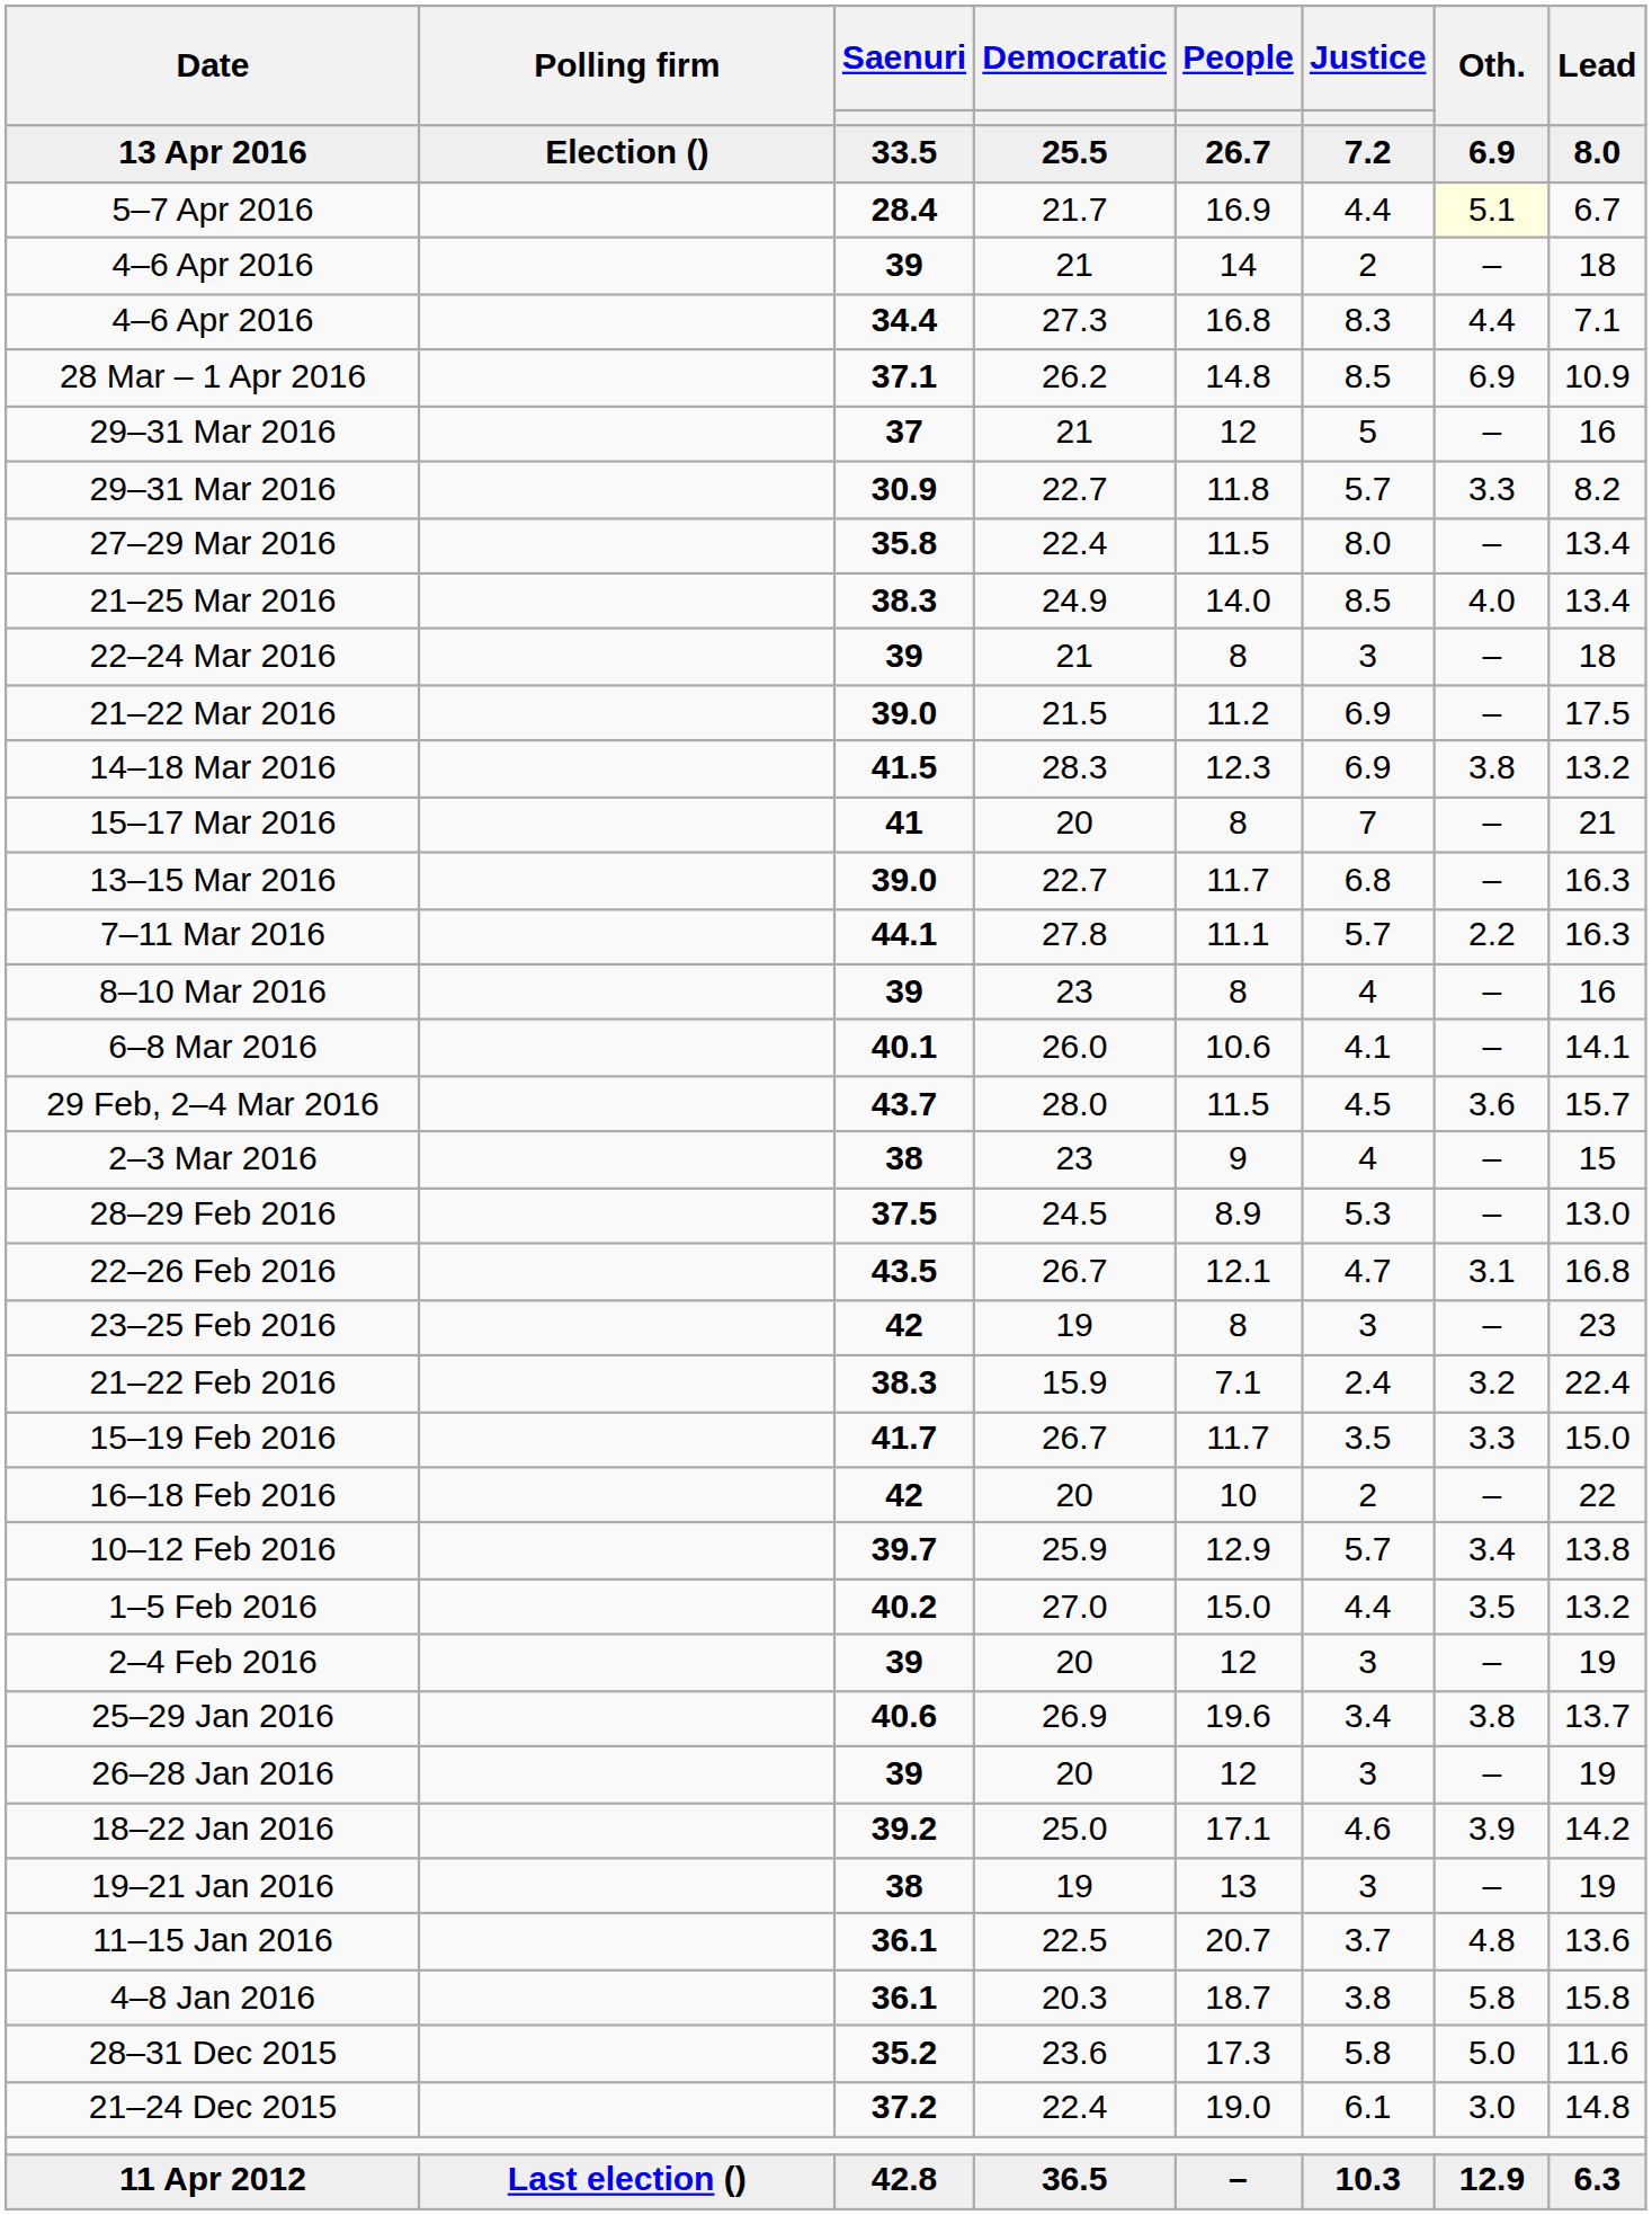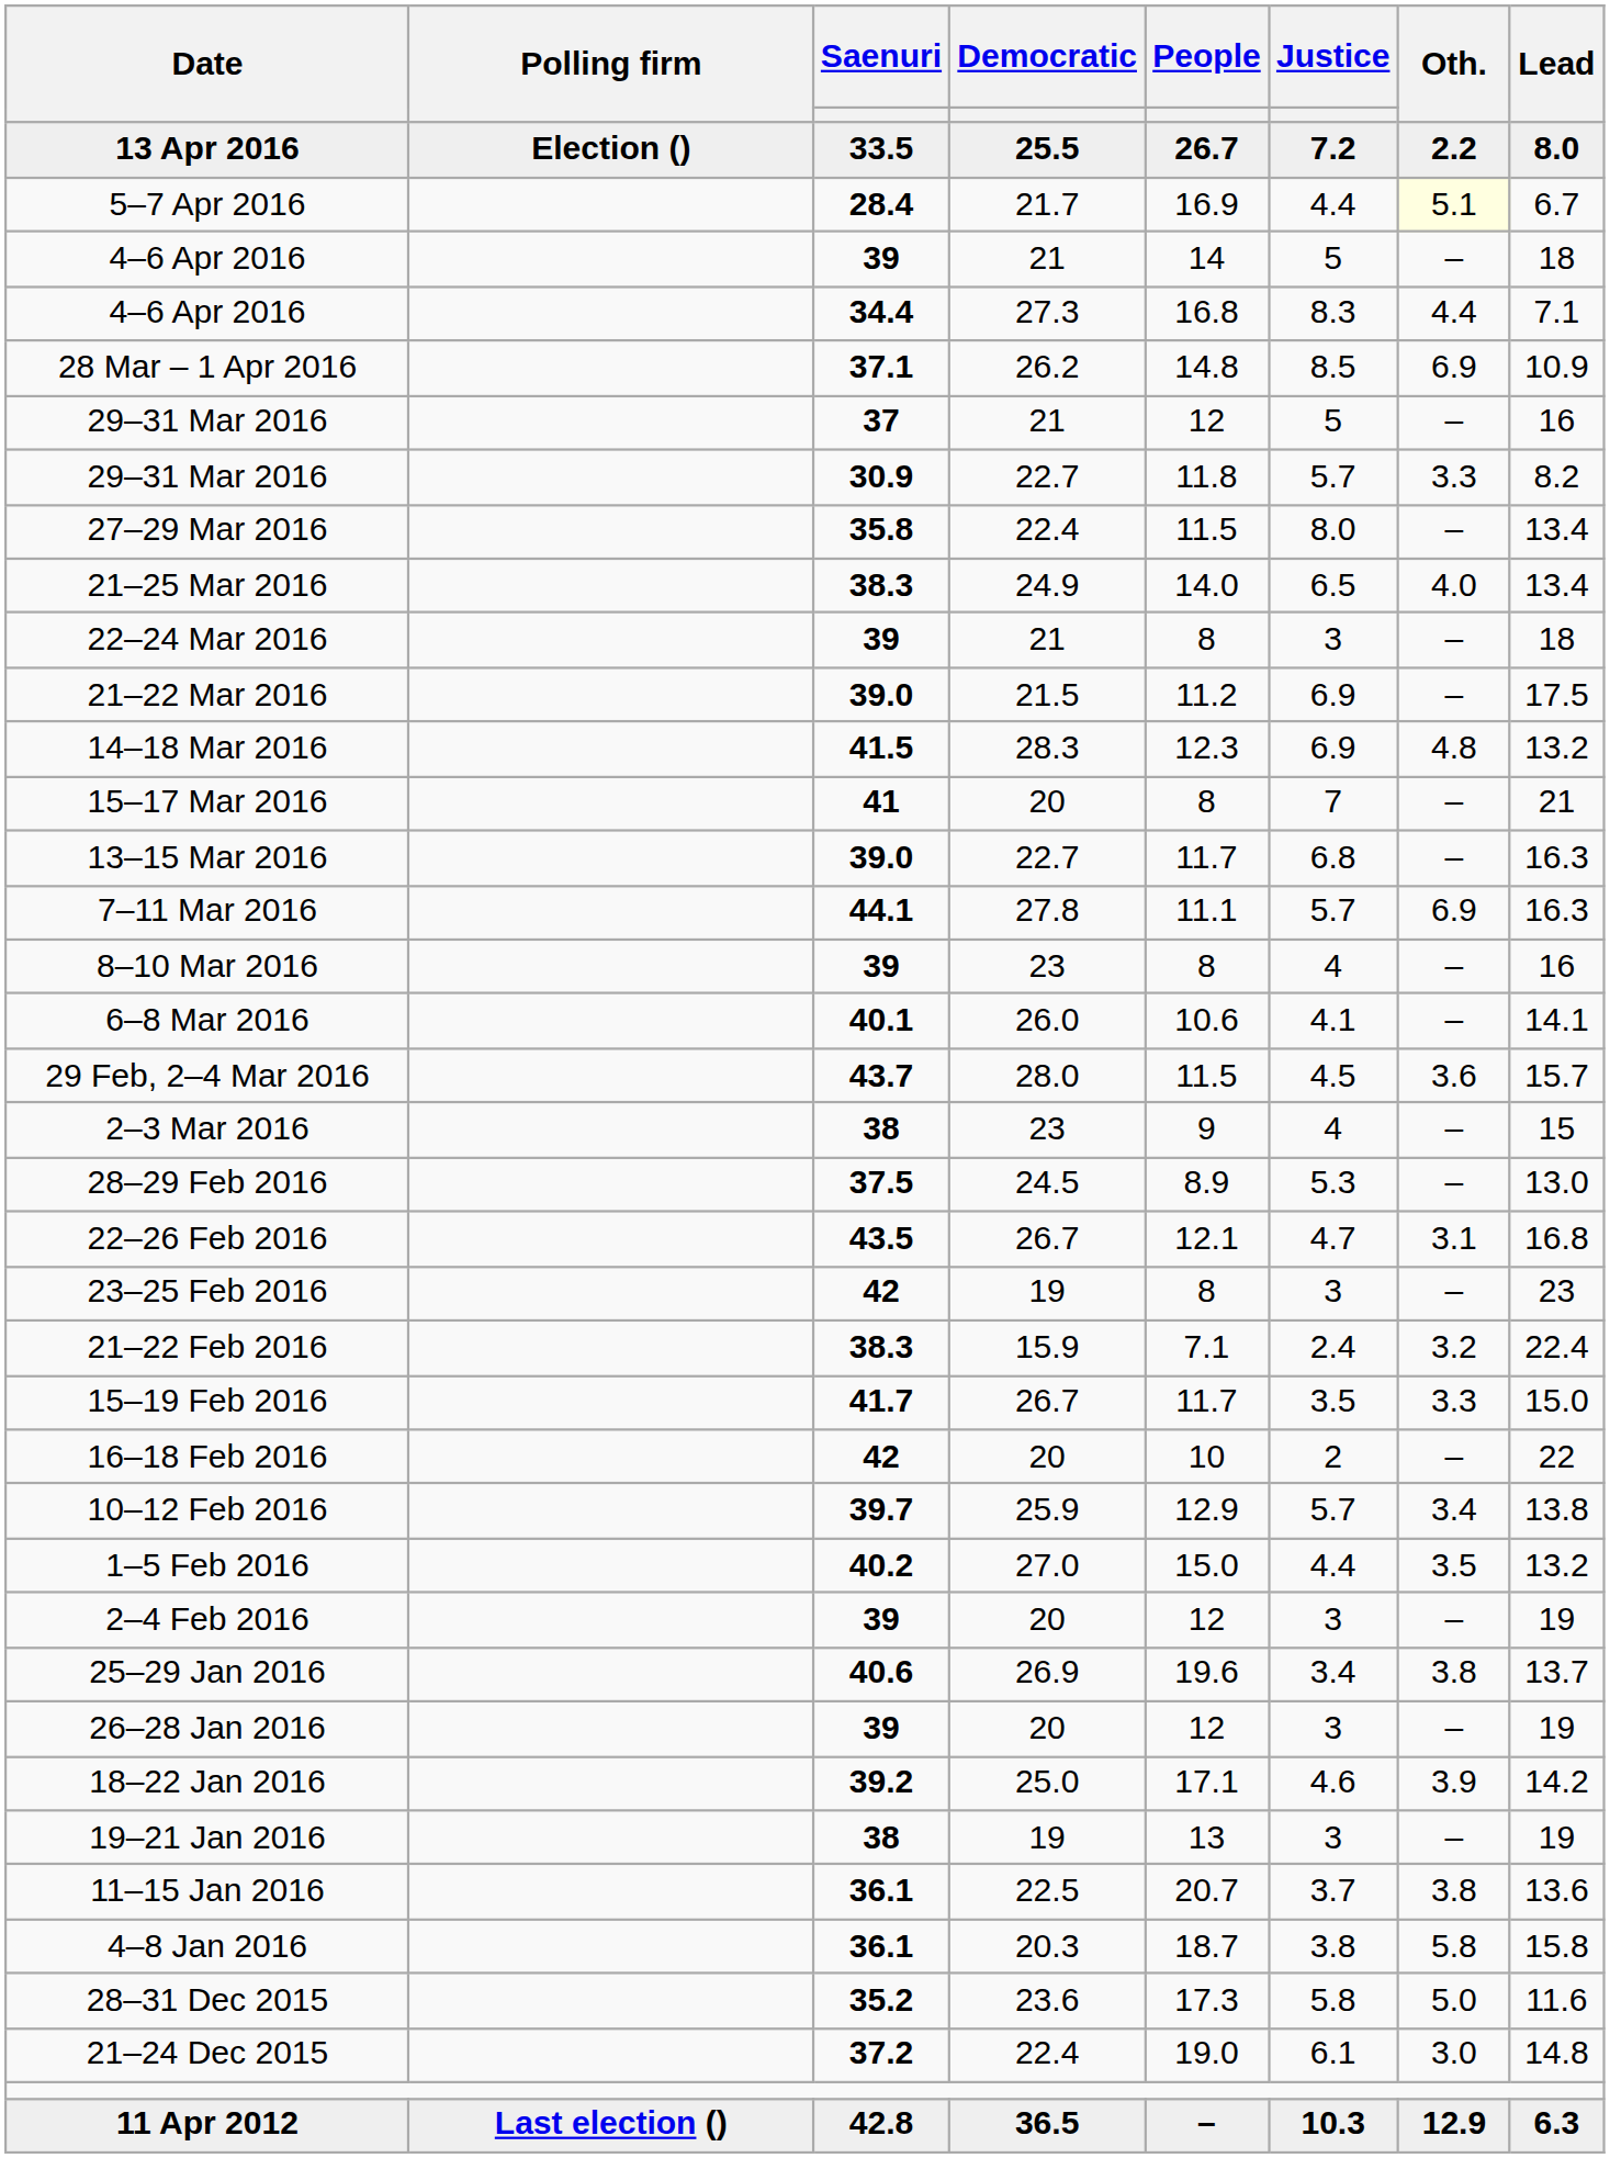 <table class="wikitable sortable" style="text-align:center; font-size:85%; line-height:16px; margin:0;">
 <tr style="height:42px; background-color:#E9E9E9; border 1px solid #aaaaaa;">
 <th style="width:160px;" rowspan="2">Date</th>
 <th style="width:160px;" rowspan="2">Polling firm</th>
 <th style="width:40px;" class="unsortable"><a href='#'>Saenuri</a></th>
 <th style="width:40px;" class="unsortable"><a href='#'>Democratic</a></th>
 <th style="width:40px;" class="unsortable"><a href='#'>People</a></th>
 <th style="width:40px;" class="unsortable"><a href='#'>Justice</a></th>
 <th style="width:40px;" rowspan="2" class="unsortable">Oth.</th>
 <th style="width:20px;" rowspan="2" class="unsortable">Lead</th>
 </tr>
 <tr>
 <th style="background:"></th>
 <th style="background:"></th>
 <th style="background:"></th>
 <th style="background:"></th>
 </tr>
 <tr class="unsortable" style="background:#EFEFEF; font-weight:bold;">
 <td data-sort-value="2016-04-13">13 Apr 2016</td>
 <td>Election ()</td>
 <td>33.5</td>
 <td>25.5</td>
 <td>26.7</td>
 <td>7.2</td>
-<td>6.9</td>
+<td>2.2</td>
 <td style="background:">8.0</td>
 </tr>
 <tr>
 <td data-sort-value="2016-04-07">5–7 Apr 2016</td>
 <td></td>
 <td><strong>28.4</strong></td>
 <td>21.7</td>
 <td>16.9</td>
 <td>4.4</td>
 <td style="background: lightyellow;">5.1</td>
 <td style="background:">6.7</td>
 </tr>
 <tr>
 <td data-sort-value="2016-04-06">4–6 Apr 2016</td>
 <td></td>
 <td><strong>39</strong></td>
 <td>21</td>
 <td>14</td>
-<td>2</td>
+<td>5</td>
 <td>–</td>
 <td style="background:">18</td>
 </tr>
 <tr>
 <td data-sort-value="2016-04-06">4–6 Apr 2016</td>
 <td></td>
 <td><strong>34.4</strong></td>
 <td>27.3</td>
 <td>16.8</td>
 <td>8.3</td>
 <td>4.4</td>
 <td style="background:">7.1</td>
 </tr>
 <tr>
 <td data-sort-value="2016-04-01">28 Mar – 1 Apr 2016</td>
 <td></td>
 <td><strong>37.1</strong></td>
 <td>26.2</td>
 <td>14.8</td>
 <td>8.5</td>
 <td>6.9</td>
 <td style="background:">10.9</td>
 </tr>
 <tr>
 <td data-sort-value="2016-03-31">29–31 Mar 2016</td>
 <td></td>
 <td><strong>37</strong></td>
 <td>21</td>
 <td>12</td>
 <td>5</td>
 <td>–</td>
 <td style="background:">16</td>
 </tr>
 <tr>
 <td data-sort-value="2016-03-31">29–31 Mar 2016</td>
 <td></td>
 <td><strong>30.9</strong></td>
 <td>22.7</td>
 <td>11.8</td>
 <td>5.7</td>
 <td>3.3</td>
 <td style="background:">8.2</td>
 </tr>
 <tr>
 <td data-sort-value="2016-03-29">27–29 Mar 2016</td>
 <td></td>
 <td><strong>35.8</strong></td>
 <td>22.4</td>
 <td>11.5</td>
 <td>8.0</td>
 <td>–</td>
 <td style="background:">13.4</td>
 </tr>
 <tr>
 <td data-sort-value="2016-03-25">21–25 Mar 2016</td>
 <td></td>
 <td><strong>38.3</strong></td>
 <td>24.9</td>
 <td>14.0</td>
-<td>8.5</td>
+<td>6.5</td>
 <td>4.0</td>
 <td style="background:">13.4</td>
 </tr>
 <tr>
 <td data-sort-value="2016-03-24">22–24 Mar 2016</td>
 <td></td>
 <td><strong>39</strong></td>
 <td>21</td>
 <td>8</td>
 <td>3</td>
 <td>–</td>
 <td style="background:">18</td>
 </tr>
 <tr>
 <td data-sort-value="2016-03-22">21–22 Mar 2016</td>
 <td></td>
 <td><strong>39.0</strong></td>
 <td>21.5</td>
 <td>11.2</td>
 <td>6.9</td>
 <td>–</td>
 <td style="background:">17.5</td>
 </tr>
 <tr>
 <td data-sort-value="2016-03-18">14–18 Mar 2016</td>
 <td></td>
 <td><strong>41.5</strong></td>
 <td>28.3</td>
 <td>12.3</td>
 <td>6.9</td>
-<td>3.8</td>
+<td>4.8</td>
 <td style="background:">13.2</td>
 </tr>
 <tr>
 <td data-sort-value="2016-03-17">15–17 Mar 2016</td>
 <td></td>
 <td><strong>41</strong></td>
 <td>20</td>
 <td>8</td>
 <td>7</td>
 <td>–</td>
 <td style="background:">21</td>
 </tr>
 <tr>
 <td data-sort-value="2016-03-15">13–15 Mar 2016</td>
 <td></td>
 <td><strong>39.0</strong></td>
 <td>22.7</td>
 <td>11.7</td>
 <td>6.8</td>
 <td>–</td>
 <td style="background:">16.3</td>
 </tr>
 <tr>
 <td data-sort-value="2016-03-11">7–11 Mar 2016</td>
 <td></td>
 <td><strong>44.1</strong></td>
 <td>27.8</td>
 <td>11.1</td>
 <td>5.7</td>
-<td>2.2</td>
+<td>6.9</td>
 <td style="background:">16.3</td>
 </tr>
 <tr>
 <td data-sort-value="2016-03-10">8–10 Mar 2016</td>
 <td></td>
 <td><strong>39</strong></td>
 <td>23</td>
 <td>8</td>
 <td>4</td>
 <td>–</td>
 <td style="background:">16</td>
 </tr>
 <tr>
 <td data-sort-value="2016-03-08">6–8 Mar 2016</td>
 <td></td>
 <td><strong>40.1</strong></td>
 <td>26.0</td>
 <td>10.6</td>
 <td>4.1</td>
 <td>–</td>
 <td style="background:">14.1</td>
 </tr>
 <tr>
 <td data-sort-value="2016-03-04">29 Feb, 2–4 Mar 2016</td>
 <td></td>
 <td><strong>43.7</strong></td>
 <td>28.0</td>
 <td>11.5</td>
 <td>4.5</td>
 <td>3.6</td>
 <td style="background:">15.7</td>
 </tr>
 <tr>
 <td data-sort-value="2016-03-03">2–3 Mar 2016</td>
 <td></td>
 <td><strong>38</strong></td>
 <td>23</td>
 <td>9</td>
 <td>4</td>
 <td>–</td>
 <td style="background:">15</td>
 </tr>
 <tr>
 <td data-sort-value="2016-02-29">28–29 Feb 2016</td>
 <td></td>
 <td><strong>37.5</strong></td>
 <td>24.5</td>
 <td>8.9</td>
 <td>5.3</td>
 <td>–</td>
 <td style="background:">13.0</td>
 </tr>
 <tr>
 <td data-sort-value="2016-02-26">22–26 Feb 2016</td>
 <td></td>
 <td><strong>43.5</strong></td>
 <td>26.7</td>
 <td>12.1</td>
 <td>4.7</td>
 <td>3.1</td>
 <td style="background:">16.8</td>
 </tr>
 <tr>
 <td data-sort-value="2016-02-25">23–25 Feb 2016</td>
 <td></td>
 <td><strong>42</strong></td>
 <td>19</td>
 <td>8</td>
 <td>3</td>
 <td>–</td>
 <td style="background:">23</td>
 </tr>
 <tr>
 <td data-sort-value="2016-02-22">21–22 Feb 2016</td>
 <td></td>
 <td><strong>38.3</strong></td>
 <td>15.9</td>
 <td>7.1</td>
 <td>2.4</td>
 <td>3.2</td>
 <td style="background:">22.4</td>
 </tr>
 <tr>
 <td data-sort-value="2016-02-19">15–19 Feb 2016</td>
 <td></td>
 <td><strong>41.7</strong></td>
 <td>26.7</td>
 <td>11.7</td>
 <td>3.5</td>
 <td>3.3</td>
 <td style="background:">15.0</td>
 </tr>
 <tr>
 <td data-sort-value="2016-02-18">16–18 Feb 2016</td>
 <td></td>
 <td><strong>42</strong></td>
 <td>20</td>
 <td>10</td>
 <td>2</td>
 <td>–</td>
 <td style="background:">22</td>
 </tr>
 <tr>
 <td data-sort-value="2016-02-12">10–12 Feb 2016</td>
 <td></td>
 <td><strong>39.7</strong></td>
 <td>25.9</td>
 <td>12.9</td>
 <td>5.7</td>
 <td>3.4</td>
 <td style="background:">13.8</td>
 </tr>
 <tr>
 <td data-sort-value="2016-02-05">1–5 Feb 2016</td>
 <td></td>
 <td><strong>40.2</strong></td>
 <td>27.0</td>
 <td>15.0</td>
 <td>4.4</td>
 <td>3.5</td>
 <td style="background:">13.2</td>
 </tr>
 <tr>
 <td data-sort-value="2016-02-04">2–4 Feb 2016</td>
 <td></td>
 <td><strong>39</strong></td>
 <td>20</td>
 <td>12</td>
 <td>3</td>
 <td>–</td>
 <td style="background:">19</td>
 </tr>
 <tr>
 <td data-sort-value="2016-01-29">25–29 Jan 2016</td>
 <td></td>
 <td><strong>40.6</strong></td>
 <td>26.9</td>
 <td>19.6</td>
 <td>3.4</td>
 <td>3.8</td>
 <td style="background:">13.7</td>
 </tr>
 <tr>
 <td data-sort-value="2016-01-28">26–28 Jan 2016</td>
 <td></td>
 <td><strong>39</strong></td>
 <td>20</td>
 <td>12</td>
 <td>3</td>
 <td>–</td>
 <td style="background:">19</td>
 </tr>
 <tr>
 <td data-sort-value="2016-01-22">18–22 Jan 2016</td>
 <td></td>
 <td><strong>39.2</strong></td>
 <td>25.0</td>
 <td>17.1</td>
 <td>4.6</td>
 <td>3.9</td>
 <td style="background:">14.2</td>
 </tr>
 <tr>
 <td data-sort-value="2016-01-21">19–21 Jan 2016</td>
 <td></td>
 <td><strong>38</strong></td>
 <td>19</td>
 <td>13</td>
 <td>3</td>
 <td>–</td>
 <td style="background:">19</td>
 </tr>
 <tr>
 <td data-sort-value="2016-01-15">11–15 Jan 2016</td>
 <td></td>
 <td><strong>36.1</strong></td>
 <td>22.5</td>
 <td>20.7</td>
 <td>3.7</td>
-<td>4.8</td>
+<td>3.8</td>
 <td style="background:">13.6</td>
 </tr>
 <tr>
 <td data-sort-value="2016-01-08">4–8 Jan 2016</td>
 <td></td>
 <td><strong>36.1</strong></td>
 <td>20.3</td>
 <td>18.7</td>
 <td>3.8</td>
 <td>5.8</td>
 <td style="background:">15.8</td>
 </tr>
 <tr>
 <td data-sort-value="2015-12-31">28–31 Dec 2015</td>
 <td></td>
 <td><strong>35.2</strong></td>
 <td>23.6</td>
 <td>17.3</td>
 <td>5.8</td>
 <td>5.0</td>
 <td style="background:">11.6</td>
 </tr>
 <tr>
 <td data-sort-value="2015-12-24">21–24 Dec 2015</td>
 <td></td>
 <td><strong>37.2</strong></td>
 <td>22.4</td>
 <td>19.0</td>
 <td>6.1</td>
 <td>3.0</td>
 <td style="background:">14.8</td>
 </tr>
 <tr class="sortbottom">
 <td colspan=14></td>
 </tr>
 <tr style="background:#EFEFEF; font-weight:bold;" class="sortbottom">
 <td>11 Apr 2012</td>
 <td><a href='#'>Last election</a> ()</td>
 <td>42.8</td>
 <td>36.5</td>
 <td>–</td>
 <td>10.3</td>
 <td>12.9</td>
 <td style="background:">6.3</td>
 </tr>
 </table>
